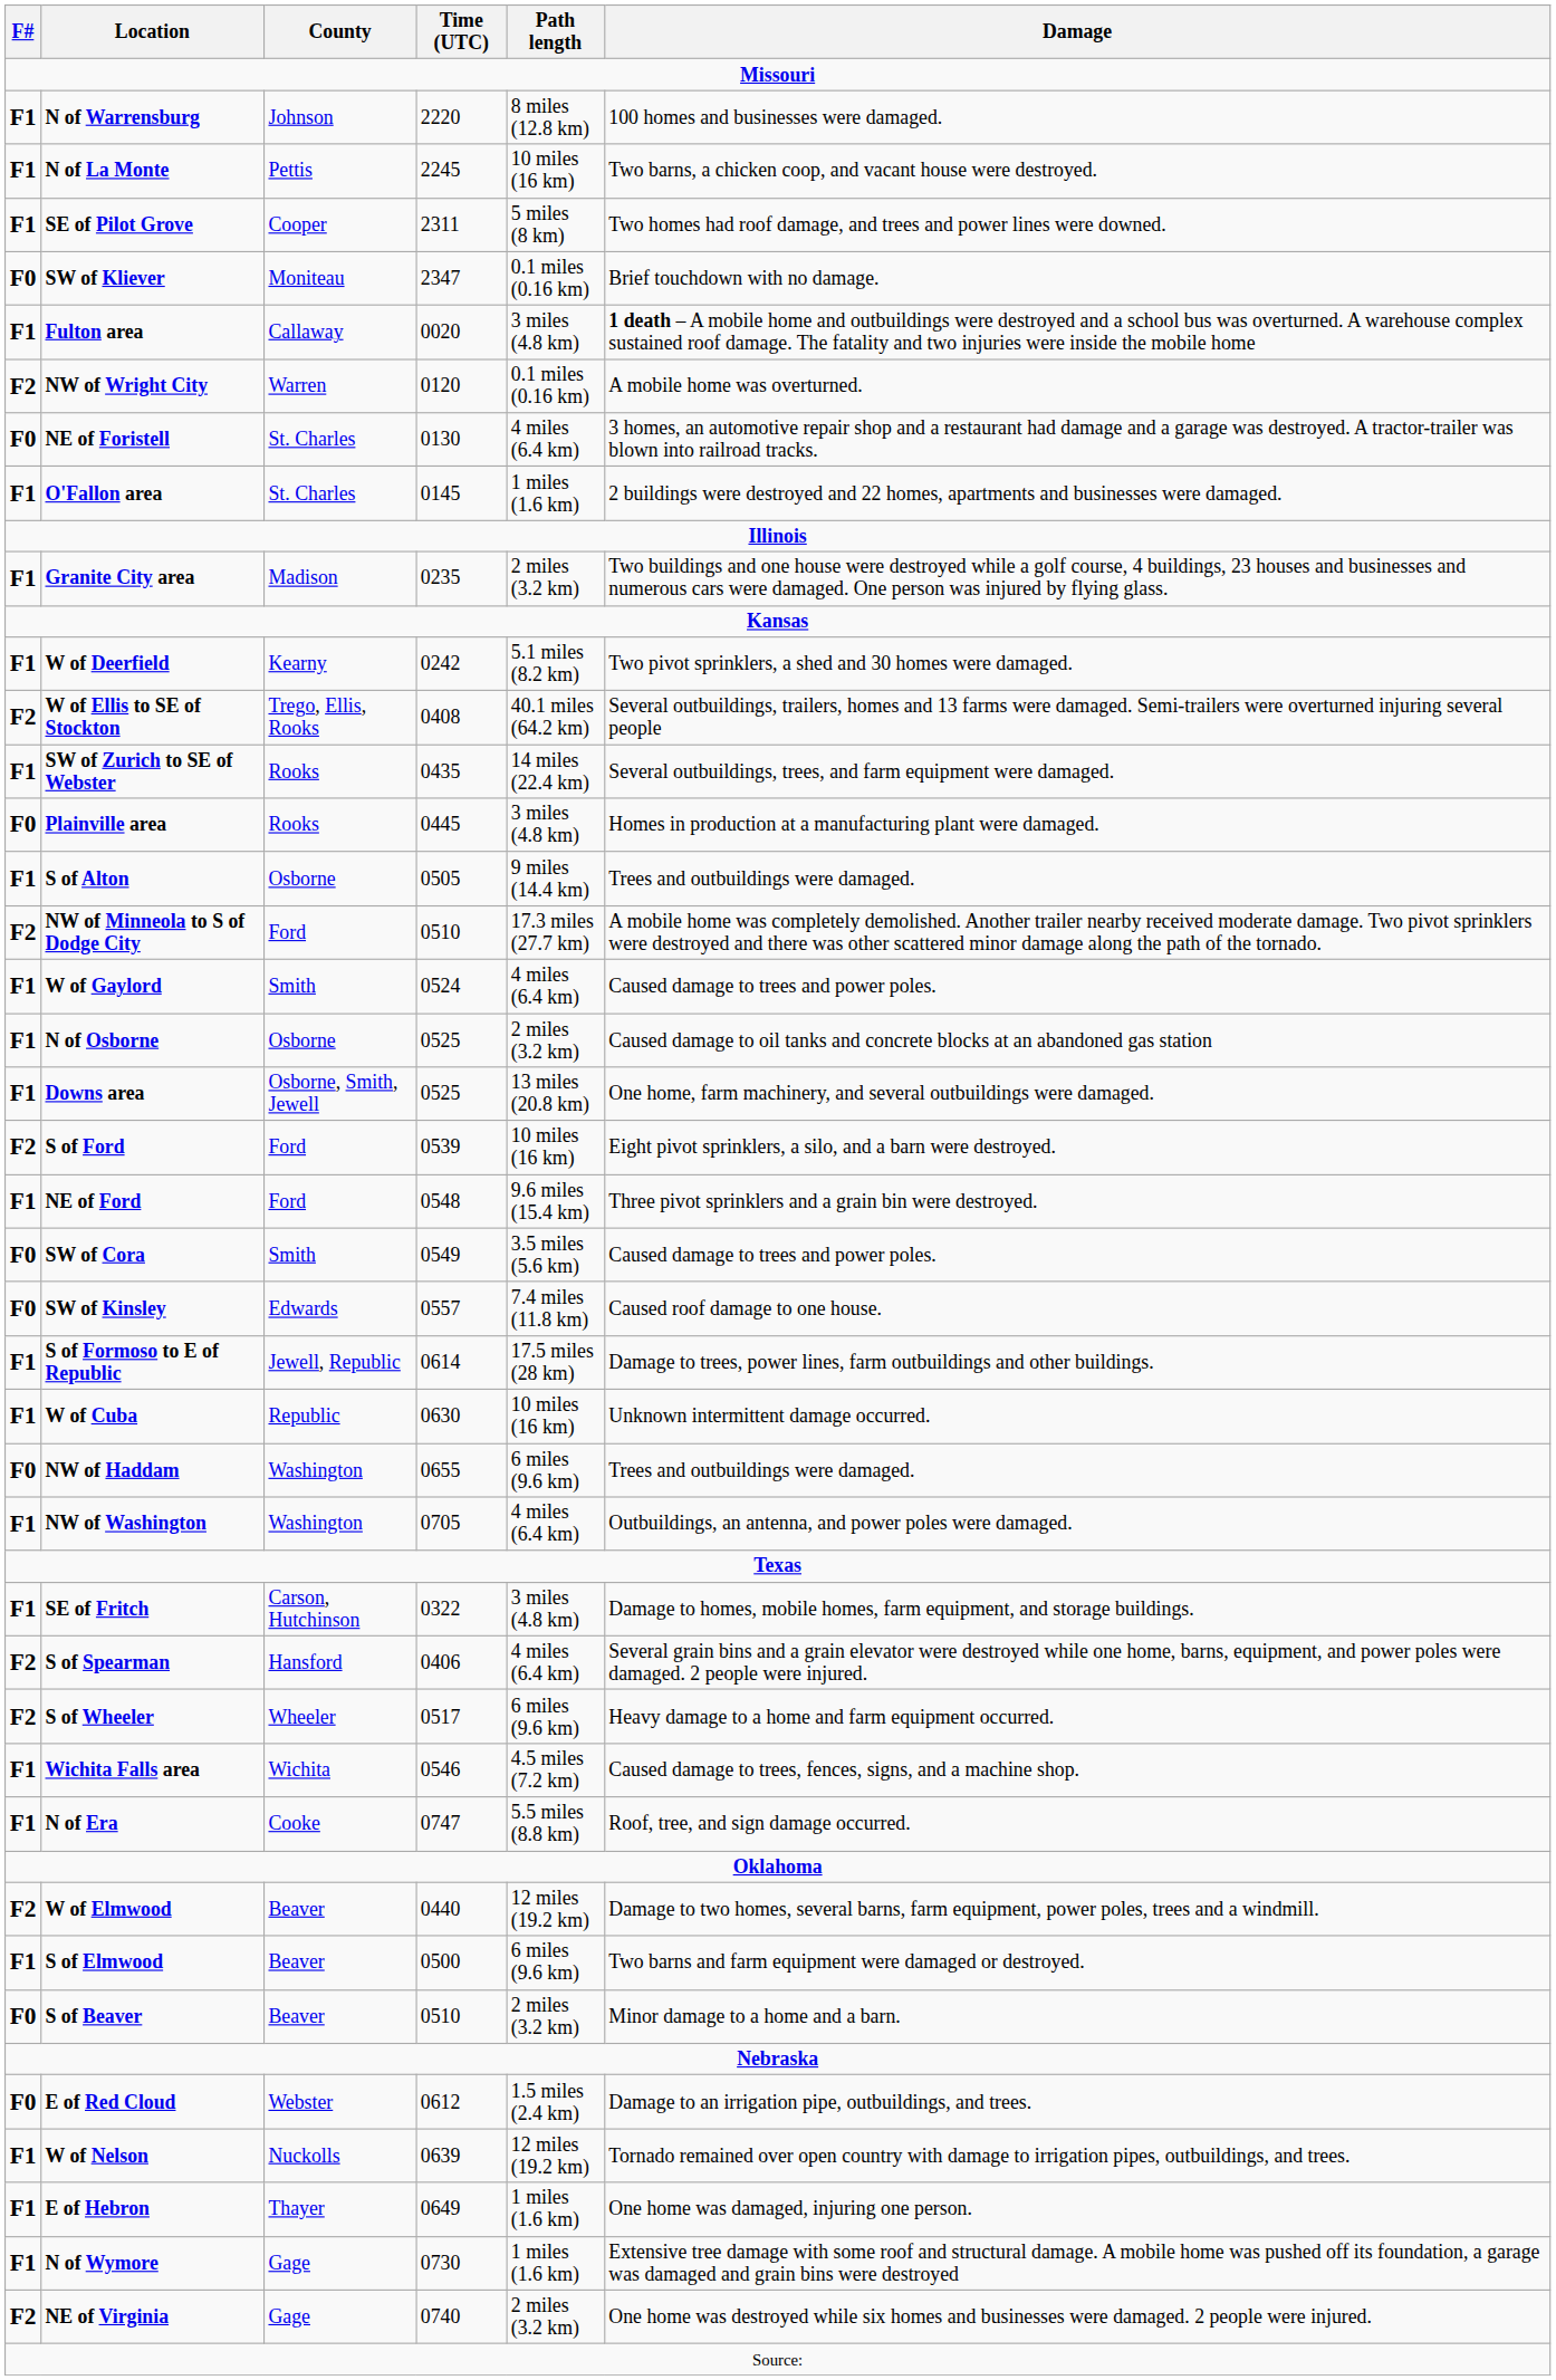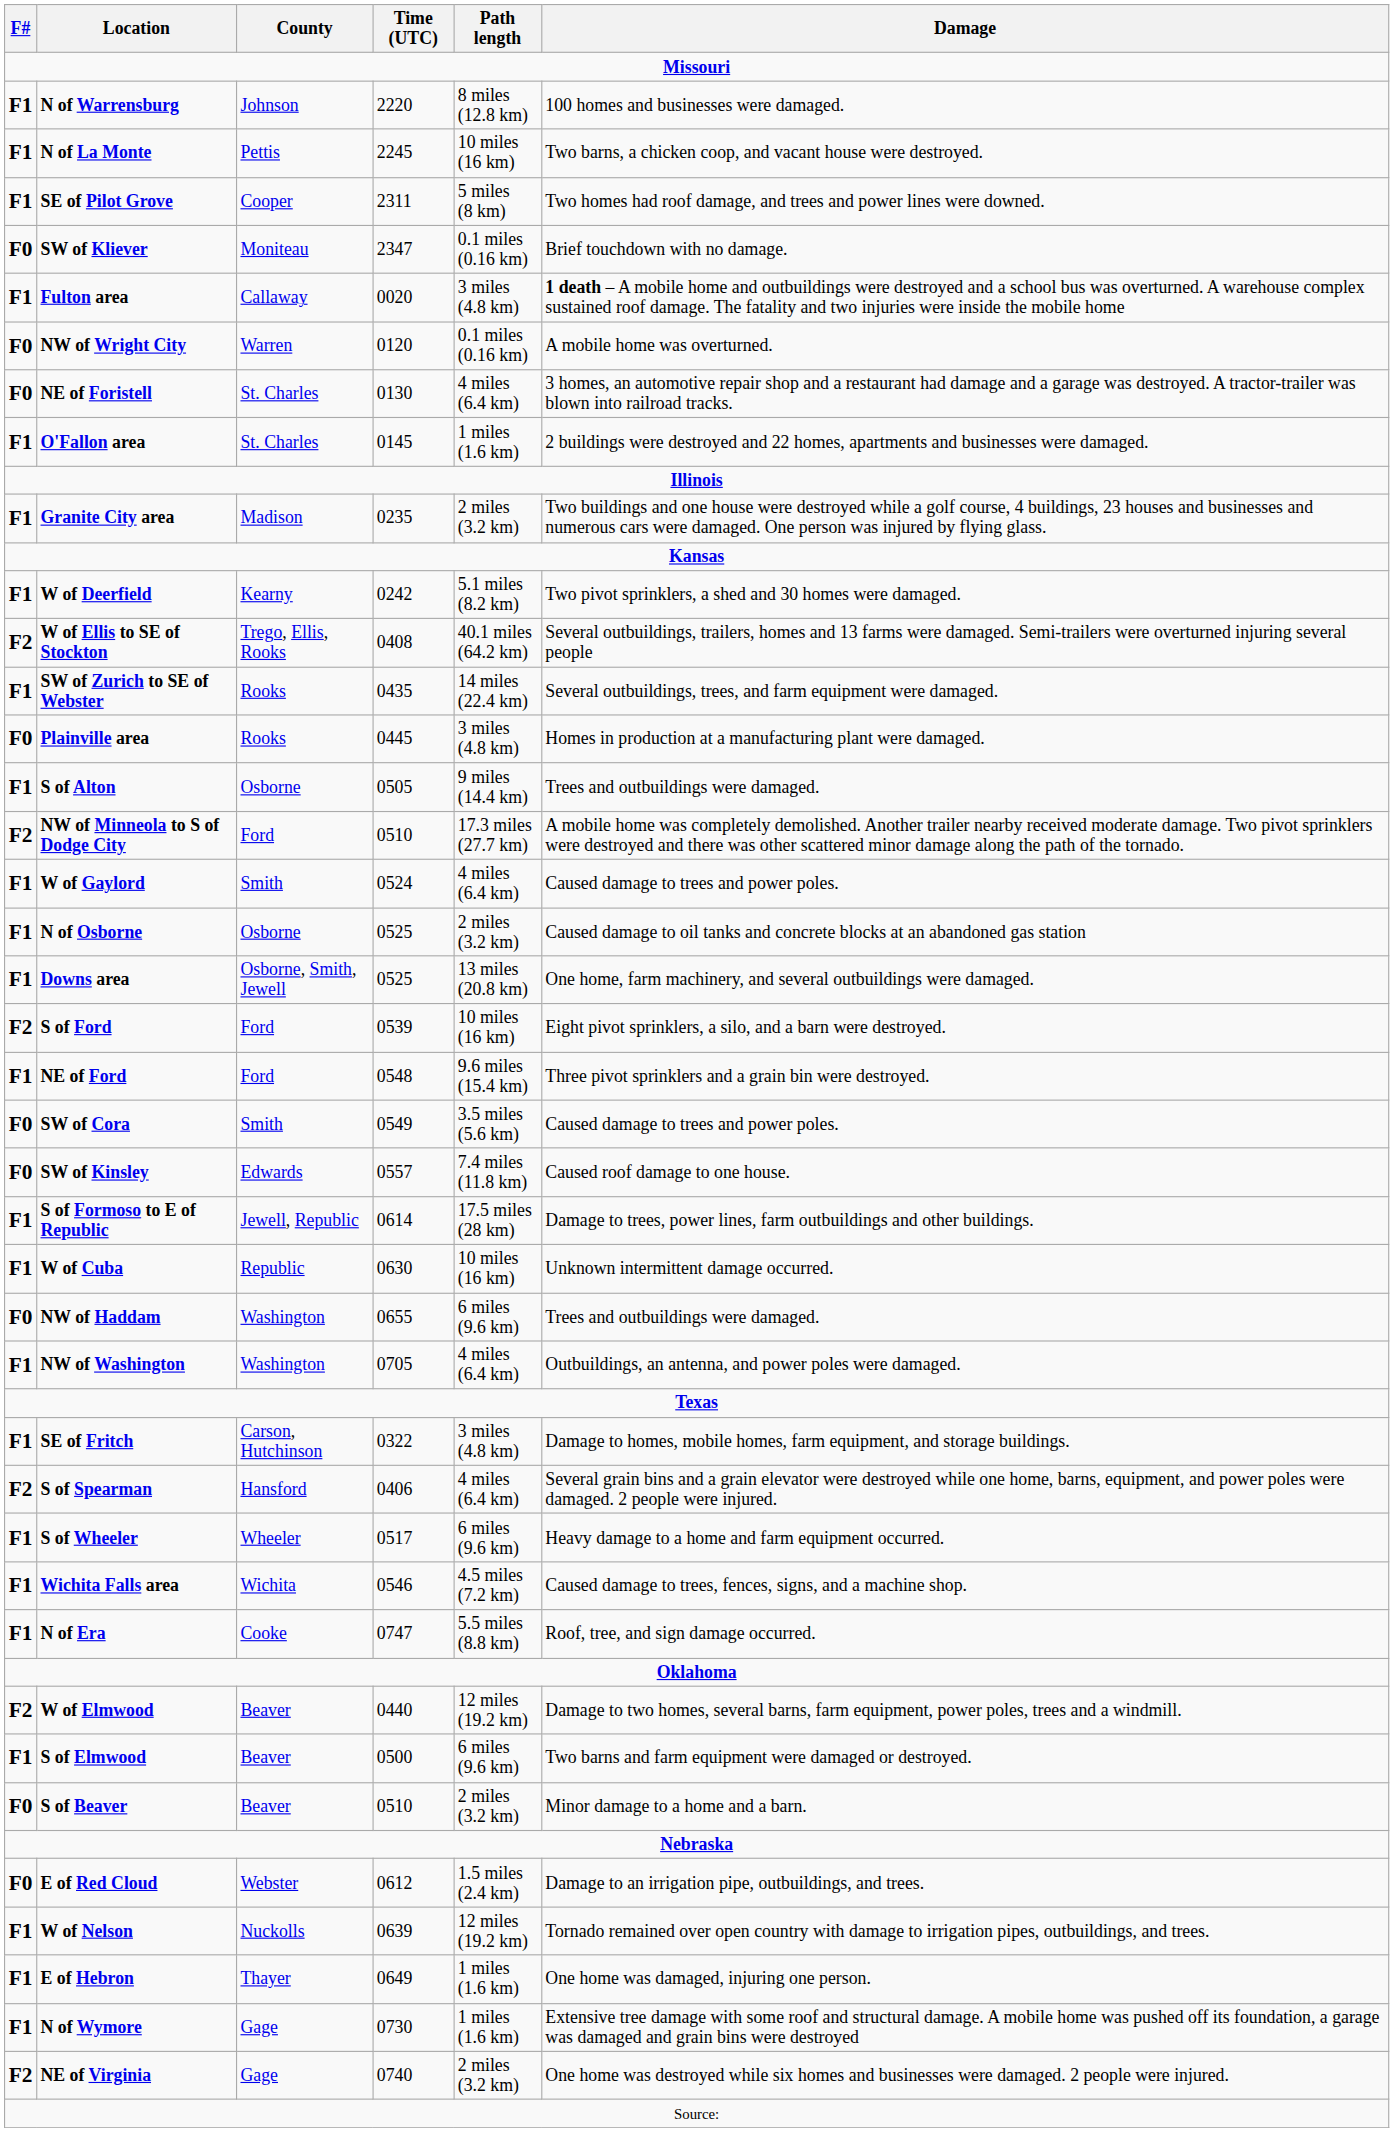 <table class="wikitable">
 <tr>
 <th><strong><a href='#'>F#</a></strong></th>
 <th><strong>Location</strong></th>
 <th><strong>County</strong></th>
 <th><strong>Time (UTC)</strong></th>
 <th><strong>Path length</strong></th>
 <th><strong>Damage</strong></th>
 </tr>
 <tr>
 <td colspan="7" align=center><strong><a href='#'>Missouri</a></strong></td>
 </tr>
 <tr>
 <td><big><strong>F1</strong></big></td>
 <td><strong>N of <a href='#'>Warrensburg</a></strong></td>
 <td><a href='#'>Johnson</a></td>
 <td>2220</td>
 <td>8 miles <br>(12.8 km)</td>
 <td>100 homes and businesses were damaged.</td>
 </tr>
 <tr>
 <td><big><strong>F1</strong></big></td>
 <td><strong>N of <a href='#'>La Monte</a></strong></td>
 <td><a href='#'>Pettis</a></td>
 <td>2245</td>
 <td>10 miles <br>(16 km)</td>
 <td>Two barns, a chicken coop, and vacant house were destroyed.</td>
 </tr>
 <tr>
 <td><big><strong>F1</strong></big></td>
 <td><strong>SE of <a href='#'>Pilot Grove</a></strong></td>
 <td><a href='#'>Cooper</a></td>
 <td>2311</td>
 <td>5 miles <br>(8 km)</td>
 <td>Two homes had roof damage, and trees and power lines were downed.</td>
 </tr>
 <tr>
 <td><big><strong>F0</strong></big></td>
 <td><strong>SW of <a href='#'>Kliever</a></strong></td>
 <td><a href='#'>Moniteau</a></td>
 <td>2347</td>
 <td>0.1 miles <br>(0.16 km)</td>
 <td>Brief touchdown with no damage.</td>
 </tr>
 <tr>
 <td><big><strong>F1</strong></big></td>
 <td><strong><a href='#'>Fulton</a> area</strong></td>
 <td><a href='#'>Callaway</a></td>
 <td>0020</td>
 <td>3 miles <br>(4.8 km)</td>
 <td><strong>1 death</strong> – A mobile home and outbuildings were destroyed and a school bus was overturned. A warehouse complex sustained roof damage. The fatality and two injuries were inside the mobile home</td>
 </tr>
 <tr>
-<td><big><strong>F2</strong></big></td>
+<td><big><strong>F0</strong></big></td>
 <td><strong>NW of <a href='#'>Wright City</a></strong></td>
 <td><a href='#'>Warren</a></td>
 <td>0120</td>
 <td>0.1 miles <br>(0.16 km)</td>
 <td>A mobile home was overturned.</td>
 </tr>
 <tr>
 <td><big><strong>F0</strong></big></td>
 <td><strong>NE of <a href='#'>Foristell</a></strong></td>
 <td><a href='#'>St. Charles</a></td>
 <td>0130</td>
 <td>4 miles <br>(6.4 km)</td>
 <td>3 homes, an automotive repair shop and a restaurant had damage and a garage was destroyed. A tractor-trailer was blown into railroad tracks.</td>
 </tr>
 <tr>
 <td><big><strong>F1</strong></big></td>
 <td><strong><a href='#'>O'Fallon</a> area</strong></td>
 <td><a href='#'>St. Charles</a></td>
 <td>0145</td>
 <td>1 miles <br>(1.6 km)</td>
 <td>2 buildings were destroyed and 22 homes, apartments and businesses were damaged.</td>
 </tr>
 <tr>
 <td colspan="7" align=center><strong><a href='#'>Illinois</a></strong></td>
 </tr>
 <tr>
 <td><big><strong>F1</strong></big></td>
 <td><strong><a href='#'>Granite City</a> area</strong></td>
 <td><a href='#'>Madison</a></td>
 <td>0235</td>
 <td>2 miles <br>(3.2 km)</td>
 <td>Two buildings and one house were destroyed while a golf course, 4 buildings, 23 houses and businesses and numerous cars were damaged. One person was injured by flying glass.</td>
 </tr>
 <tr>
 <td colspan="7" align=center><strong><a href='#'>Kansas</a></strong></td>
 </tr>
 <tr>
 <td><big><strong>F1</strong></big></td>
 <td><strong>W of <a href='#'>Deerfield</a></strong></td>
 <td><a href='#'>Kearny</a></td>
 <td>0242</td>
 <td>5.1 miles <br>(8.2 km)</td>
 <td>Two pivot sprinklers, a shed and 30 homes were damaged.</td>
 </tr>
 <tr>
 <td><big><strong>F2</strong></big></td>
 <td><strong>W of <a href='#'>Ellis</a> to SE of <a href='#'>Stockton</a></strong></td>
 <td><a href='#'>Trego</a>, <a href='#'>Ellis</a>, <a href='#'>Rooks</a></td>
 <td>0408</td>
 <td>40.1 miles <br>(64.2 km)</td>
 <td>Several outbuildings, trailers, homes and 13 farms were damaged. Semi-trailers were overturned injuring several people</td>
 </tr>
 <tr>
 <td><big><strong>F1</strong></big></td>
 <td><strong>SW of <a href='#'>Zurich</a> to SE of <a href='#'>Webster</a></strong></td>
 <td><a href='#'>Rooks</a></td>
 <td>0435</td>
 <td>14 miles <br>(22.4 km)</td>
 <td>Several outbuildings, trees, and farm equipment were damaged.</td>
 </tr>
 <tr>
 <td><big><strong>F0</strong></big></td>
 <td><strong><a href='#'>Plainville</a> area</strong></td>
 <td><a href='#'>Rooks</a></td>
 <td>0445</td>
 <td>3 miles <br>(4.8 km)</td>
 <td>Homes in production at a manufacturing plant were damaged.</td>
 </tr>
 <tr>
 <td><big><strong>F1</strong></big></td>
 <td><strong>S of <a href='#'>Alton</a></strong></td>
 <td><a href='#'>Osborne</a></td>
 <td>0505</td>
 <td>9 miles <br>(14.4 km)</td>
 <td>Trees and outbuildings were damaged.</td>
 </tr>
 <tr>
 <td><big><strong>F2</strong></big></td>
 <td><strong>NW of <a href='#'>Minneola</a> to S of <a href='#'>Dodge City</a></strong></td>
 <td><a href='#'>Ford</a></td>
 <td>0510</td>
 <td>17.3 miles <br>(27.7 km)</td>
 <td>A mobile home was completely demolished. Another trailer nearby received moderate damage. Two pivot sprinklers were destroyed and there was other scattered minor damage along the path of the tornado.</td>
 </tr>
 <tr>
 <td><big><strong>F1</strong></big></td>
 <td><strong>W of <a href='#'>Gaylord</a></strong></td>
 <td><a href='#'>Smith</a></td>
 <td>0524</td>
 <td>4 miles <br>(6.4 km)</td>
 <td>Caused damage to trees and power poles.</td>
 </tr>
 <tr>
 <td><big><strong>F1</strong></big></td>
 <td><strong>N of <a href='#'>Osborne</a></strong></td>
 <td><a href='#'>Osborne</a></td>
 <td>0525</td>
 <td>2 miles <br>(3.2 km)</td>
 <td>Caused damage to oil tanks and concrete blocks at an abandoned gas station</td>
 </tr>
 <tr>
 <td><big><strong>F1</strong></big></td>
 <td><strong><a href='#'>Downs</a> area</strong></td>
 <td><a href='#'>Osborne</a>, <a href='#'>Smith</a>, <a href='#'>Jewell</a></td>
 <td>0525</td>
 <td>13 miles <br>(20.8 km)</td>
 <td>One home, farm machinery, and several outbuildings were damaged.</td>
 </tr>
 <tr>
 <td><big><strong>F2</strong></big></td>
 <td><strong>S of <a href='#'>Ford</a></strong></td>
 <td><a href='#'>Ford</a></td>
 <td>0539</td>
 <td>10 miles <br>(16 km)</td>
 <td>Eight pivot sprinklers, a silo, and a barn were destroyed.</td>
 </tr>
 <tr>
 <td><big><strong>F1</strong></big></td>
 <td><strong>NE of <a href='#'>Ford</a></strong></td>
 <td><a href='#'>Ford</a></td>
 <td>0548</td>
 <td>9.6 miles <br>(15.4 km)</td>
 <td>Three pivot sprinklers and a grain bin were destroyed.</td>
 </tr>
 <tr>
 <td><big><strong>F0</strong></big></td>
 <td><strong>SW of <a href='#'>Cora</a></strong></td>
 <td><a href='#'>Smith</a></td>
 <td>0549</td>
 <td>3.5 miles <br>(5.6 km)</td>
 <td>Caused damage to trees and power poles.</td>
 </tr>
 <tr>
 <td><big><strong>F0</strong></big></td>
 <td><strong>SW of <a href='#'>Kinsley</a></strong></td>
 <td><a href='#'>Edwards</a></td>
 <td>0557</td>
 <td>7.4 miles <br>(11.8 km)</td>
 <td>Caused roof damage to one house.</td>
 </tr>
 <tr>
 <td><big><strong>F1</strong></big></td>
 <td><strong>S of <a href='#'>Formoso</a> to E of <a href='#'>Republic</a></strong></td>
 <td><a href='#'>Jewell</a>, <a href='#'>Republic</a></td>
 <td>0614</td>
 <td>17.5 miles <br>(28 km)</td>
 <td>Damage to trees, power lines, farm outbuildings and other buildings.</td>
 </tr>
 <tr>
 <td><big><strong>F1</strong></big></td>
 <td><strong>W of <a href='#'>Cuba</a></strong></td>
 <td><a href='#'>Republic</a></td>
 <td>0630</td>
 <td>10 miles <br>(16 km)</td>
 <td>Unknown intermittent damage occurred.</td>
 </tr>
 <tr>
 <td><big><strong>F0</strong></big></td>
 <td><strong>NW of <a href='#'>Haddam</a></strong></td>
 <td><a href='#'>Washington</a></td>
 <td>0655</td>
 <td>6 miles <br>(9.6 km)</td>
 <td>Trees and outbuildings were damaged.</td>
 </tr>
 <tr>
 <td><big><strong>F1</strong></big></td>
 <td><strong>NW of <a href='#'>Washington</a></strong></td>
 <td><a href='#'>Washington</a></td>
 <td>0705</td>
 <td>4 miles <br>(6.4 km)</td>
 <td>Outbuildings, an antenna, and power poles were damaged.</td>
 </tr>
 <tr>
 <td colspan="7" align=center><strong><a href='#'>Texas</a></strong></td>
 </tr>
 <tr>
 <td><big><strong>F1</strong></big></td>
 <td><strong>SE of <a href='#'>Fritch</a></strong></td>
 <td><a href='#'>Carson</a>, <a href='#'>Hutchinson</a></td>
 <td>0322</td>
 <td>3 miles <br>(4.8 km)</td>
 <td>Damage to homes, mobile homes, farm equipment, and storage buildings.</td>
 </tr>
 <tr>
 <td><big><strong>F2</strong></big></td>
 <td><strong>S of <a href='#'>Spearman</a></strong></td>
 <td><a href='#'>Hansford</a></td>
 <td>0406</td>
 <td>4 miles <br>(6.4 km)</td>
 <td>Several grain bins and a grain elevator were destroyed while one home, barns, equipment, and power poles were damaged. 2 people were injured.</td>
 </tr>
 <tr>
-<td><big><strong>F2</strong></big></td>
+<td><big><strong>F1</strong></big></td>
 <td><strong>S of <a href='#'>Wheeler</a></strong></td>
 <td><a href='#'>Wheeler</a></td>
 <td>0517</td>
 <td>6 miles <br>(9.6 km)</td>
 <td>Heavy damage to a home and farm equipment occurred.</td>
 </tr>
 <tr>
 <td><big><strong>F1</strong></big></td>
 <td><strong><a href='#'>Wichita Falls</a> area</strong></td>
 <td><a href='#'>Wichita</a></td>
 <td>0546</td>
 <td>4.5 miles <br>(7.2 km)</td>
 <td>Caused damage to trees, fences, signs, and a machine shop.</td>
 </tr>
 <tr>
 <td><big><strong>F1</strong></big></td>
 <td><strong>N of <a href='#'>Era</a></strong></td>
 <td><a href='#'>Cooke</a></td>
 <td>0747</td>
 <td>5.5 miles <br>(8.8 km)</td>
 <td>Roof, tree, and sign damage occurred.</td>
 </tr>
 <tr>
 <td colspan="7" align=center><strong><a href='#'>Oklahoma</a></strong></td>
 </tr>
 <tr>
 <td><big><strong>F2</strong></big></td>
 <td><strong>W of <a href='#'>Elmwood</a></strong></td>
 <td><a href='#'>Beaver</a></td>
 <td>0440</td>
 <td>12 miles <br>(19.2 km)</td>
 <td>Damage to two homes, several barns, farm equipment, power poles, trees and a windmill.</td>
 </tr>
 <tr>
 <td><big><strong>F1</strong></big></td>
 <td><strong>S of <a href='#'>Elmwood</a></strong></td>
 <td><a href='#'>Beaver</a></td>
 <td>0500</td>
 <td>6 miles <br>(9.6 km)</td>
 <td>Two barns and farm equipment were damaged or destroyed.</td>
 </tr>
 <tr>
 <td><big><strong>F0</strong></big></td>
 <td><strong>S of <a href='#'>Beaver</a></strong></td>
 <td><a href='#'>Beaver</a></td>
 <td>0510</td>
 <td>2 miles <br>(3.2 km)</td>
 <td>Minor damage to a home and a barn.</td>
 </tr>
 <tr>
 <td colspan="7" align=center><strong><a href='#'>Nebraska</a></strong></td>
 </tr>
 <tr>
 <td><big><strong>F0</strong></big></td>
 <td><strong>E of <a href='#'>Red Cloud</a></strong></td>
 <td><a href='#'>Webster</a></td>
 <td>0612</td>
 <td>1.5 miles <br>(2.4 km)</td>
 <td>Damage to an irrigation pipe, outbuildings, and trees.</td>
 </tr>
 <tr>
 <td><big><strong>F1</strong></big></td>
 <td><strong>W of <a href='#'>Nelson</a></strong></td>
 <td><a href='#'>Nuckolls</a></td>
 <td>0639</td>
 <td>12 miles <br>(19.2 km)</td>
 <td>Tornado remained over open country with damage to irrigation pipes, outbuildings, and trees.</td>
 </tr>
 <tr>
 <td><big><strong>F1</strong></big></td>
 <td><strong>E of <a href='#'>Hebron</a></strong></td>
 <td><a href='#'>Thayer</a></td>
 <td>0649</td>
 <td>1 miles <br>(1.6 km)</td>
 <td>One home was damaged, injuring one person.</td>
 </tr>
 <tr>
 <td><big><strong>F1</strong></big></td>
 <td><strong>N of <a href='#'>Wymore</a></strong></td>
 <td><a href='#'>Gage</a></td>
 <td>0730</td>
 <td>1 miles <br>(1.6 km)</td>
 <td>Extensive tree damage with some roof and structural damage. A mobile home was pushed off its foundation, a garage was damaged and grain bins were destroyed</td>
 </tr>
 <tr>
 <td><big><strong>F2</strong></big></td>
 <td><strong>NE of <a href='#'>Virginia</a></strong></td>
 <td><a href='#'>Gage</a></td>
 <td>0740</td>
 <td>2 miles <br>(3.2 km)</td>
 <td>One home was destroyed while six homes and businesses were damaged. 2 people were injured.</td>
 </tr>
 <tr>
 <td colspan="7" align=center><small>Source: </small></td>
 </tr>
 <tr>
 </tr>
 </table>
